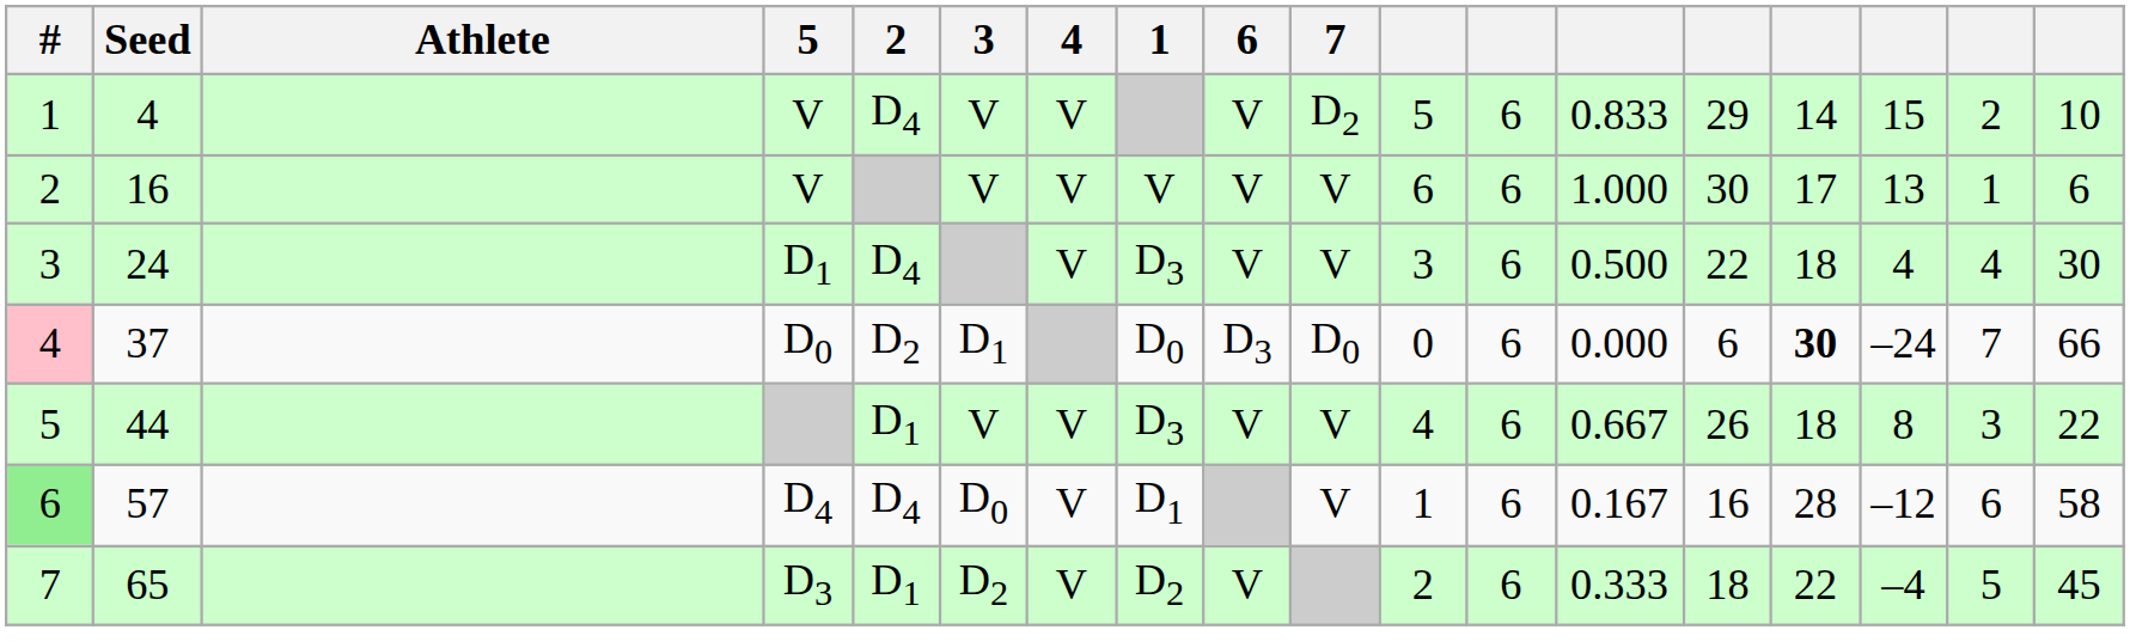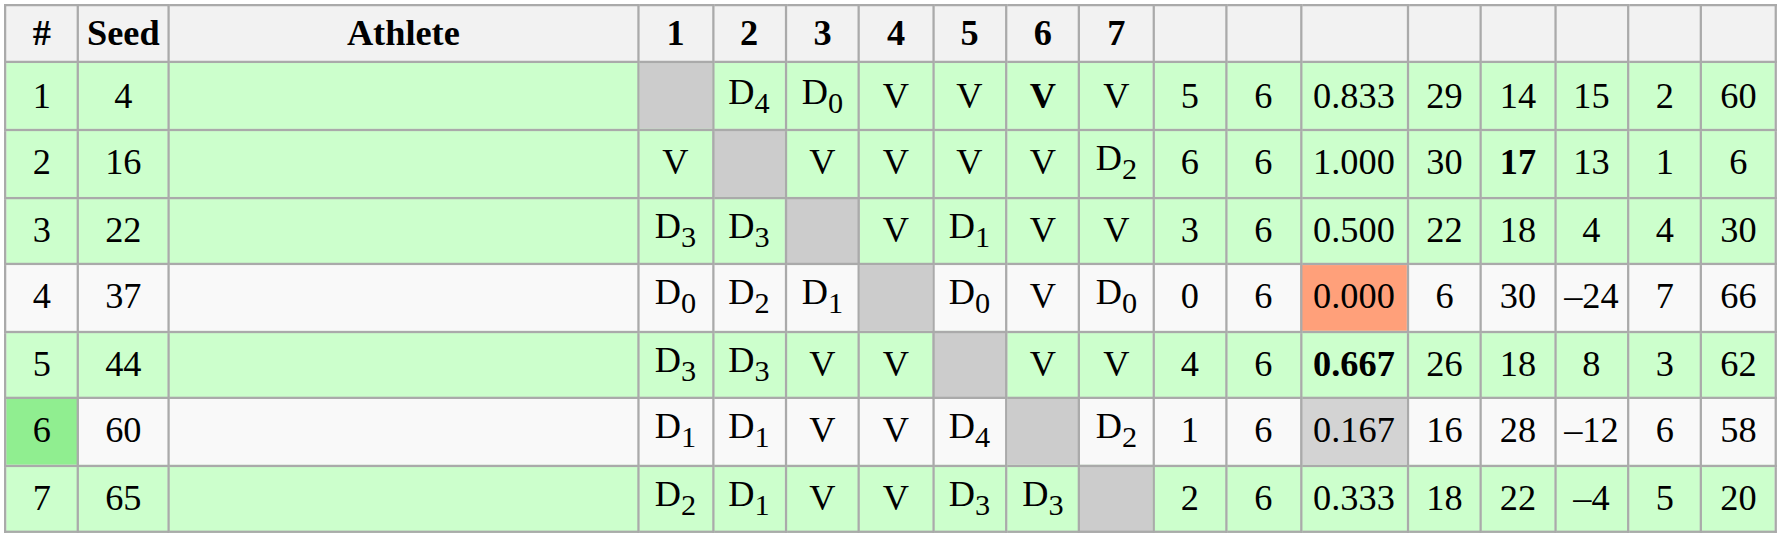 <table class="wikitable" style="text-align:center">
 <tr>
 <th width="25">#</th>
 <th width="25">Seed</th>
 <th width="200">Athlete</th>
-<th width="25">5</th>
+<th width="25">1</th>
 <th width="25">2</th>
 <th width="25">3</th>
 <th width="25">4</th>
-<th width="25">1</th>
+<th width="25">5</th>
 <th width="25">6</th>
 <th width="25">7</th>
 <th width="25"></th>
 <th width="25"></th>
 <th width="40"></th>
 <th width="25"></th>
 <th width="25"></th>
 <th width="25"></th>
 <th width="25"></th>
 <th width="25"></th>
 </tr>
 <tr bgcolor="#ccffcc">
 <td>1</td>
 <td>4</td>
 <td align=left></td>
-<td>V</td>
+<td bgcolor="#cccccc"></td>
 <td>D<sub>4</sub></td>
+<td>D<sub>0</sub></td>
 <td>V</td>
 <td>V</td>
-<td bgcolor="#cccccc"></td>
+<td><strong>V</strong></td>
 <td>V</td>
-<td>D<sub>2</sub></td>
 <td>5</td>
 <td>6</td>
 <td>0.833</td>
 <td>29</td>
 <td>14</td>
 <td>15</td>
 <td>2</td>
-<td>10</td>
+<td>60</td>
 </tr>
 <tr bgcolor="#ccffcc">
 <td>2</td>
 <td>16</td>
 <td align=left></td>
 <td>V</td>
 <td bgcolor="#cccccc"></td>
 <td>V</td>
 <td>V</td>
 <td>V</td>
 <td>V</td>
-<td>V</td>
+<td>D<sub>2</sub></td>
 <td>6</td>
 <td>6</td>
 <td>1.000</td>
 <td>30</td>
-<td>17</td>
+<td><strong>17</strong></td>
 <td>13</td>
 <td>1</td>
 <td>6</td>
 </tr>
 <tr bgcolor="#ccffcc">
 <td>3</td>
-<td>24</td>
+<td>22</td>
 <td align=left></td>
-<td>D<sub>1</sub></td>
-<td>D<sub>4</sub></td>
+<td>D<sub>3</sub></td>
+<td>D<sub>3</sub></td>
 <td bgcolor="#cccccc"></td>
 <td>V</td>
-<td>D<sub>3</sub></td>
+<td>D<sub>1</sub></td>
 <td>V</td>
 <td>V</td>
 <td>3</td>
 <td>6</td>
 <td>0.500</td>
 <td>22</td>
 <td>18</td>
 <td>4</td>
 <td>4</td>
 <td>30</td>
 </tr>
 <tr>
-<td style="background: pink;">4</td>
+<td>4</td>
 <td>37</td>
 <td align=left></td>
 <td>D<sub>0</sub></td>
 <td>D<sub>2</sub></td>
 <td>D<sub>1</sub></td>
 <td bgcolor="#cccccc"></td>
 <td>D<sub>0</sub></td>
-<td>D<sub>3</sub></td>
+<td>V</td>
 <td>D<sub>0</sub></td>
 <td>0</td>
 <td>6</td>
-<td>0.000</td>
+<td style="background: lightsalmon;">0.000</td>
 <td>6</td>
-<td><strong>30</strong></td>
+<td>30</td>
 <td>–24</td>
 <td>7</td>
 <td>66</td>
 </tr>
 <tr bgcolor="#ccffcc">
 <td>5</td>
 <td>44</td>
 <td align=left></td>
-<td bgcolor="#cccccc"></td>
-<td>D<sub>1</sub></td>
+<td>D<sub>3</sub></td>
+<td>D<sub>3</sub></td>
 <td>V</td>
 <td>V</td>
-<td>D<sub>3</sub></td>
+<td bgcolor="#cccccc"></td>
 <td>V</td>
 <td>V</td>
 <td>4</td>
 <td>6</td>
-<td>0.667</td>
+<td><strong>0.667</strong></td>
 <td>26</td>
 <td>18</td>
 <td>8</td>
 <td>3</td>
-<td>22</td>
+<td>62</td>
 </tr>
 <tr>
 <td style="background: lightgreen;">6</td>
-<td>57</td>
+<td>60</td>
 <td align=left></td>
+<td>D<sub>1</sub></td>
+<td>D<sub>1</sub></td>
+<td>V</td>
+<td>V</td>
 <td>D<sub>4</sub></td>
-<td>D<sub>4</sub></td>
-<td>D<sub>0</sub></td>
-<td>V</td>
-<td>D<sub>1</sub></td>
 <td bgcolor="#cccccc"></td>
-<td>V</td>
+<td>D<sub>2</sub></td>
 <td>1</td>
 <td>6</td>
-<td>0.167</td>
+<td style="background: lightgrey;">0.167</td>
 <td>16</td>
 <td>28</td>
 <td>–12</td>
 <td>6</td>
 <td>58</td>
 </tr>
 <tr bgcolor="#ccffcc">
 <td>7</td>
 <td>65</td>
 <td align=left></td>
+<td>D<sub>2</sub></td>
+<td>D<sub>1</sub></td>
+<td>V</td>
+<td>V</td>
 <td>D<sub>3</sub></td>
-<td>D<sub>1</sub></td>
-<td>D<sub>2</sub></td>
-<td>V</td>
-<td>D<sub>2</sub></td>
-<td>V</td>
+<td>D<sub>3</sub></td>
 <td bgcolor="#cccccc"></td>
 <td>2</td>
 <td>6</td>
 <td>0.333</td>
 <td>18</td>
 <td>22</td>
 <td>–4</td>
 <td>5</td>
-<td>45</td>
+<td>20</td>
 </tr>
 </table>
